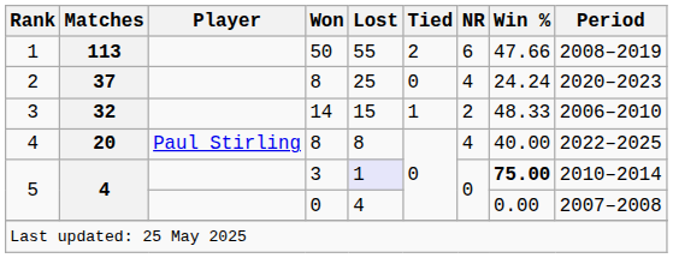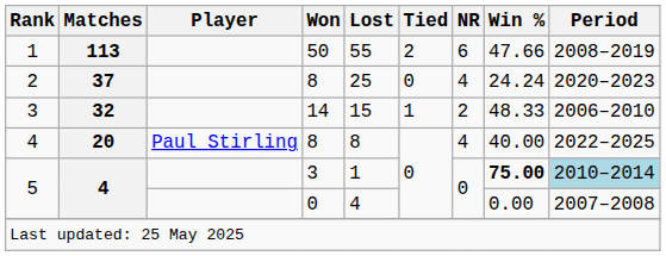 <table class="wikitable plainrowheaders sortable">
 <tr>
 <th scope=col>Rank</th>
 <th scope=col>Matches</th>
 <th scope=col>Player</th>
 <th>Won</th>
 <th>Lost</th>
 <th>Tied</th>
 <th>NR</th>
 <th>Win %</th>
 <th>Period</th>
 </tr>
 <tr>
 <td align=center>1</td>
 <th scope=row style=text-align:center;>113</th>
 <td></td>
 <td>50</td>
 <td>55</td>
 <td>2</td>
 <td>6</td>
 <td>47.66</td>
 <td>2008–2019</td>
 </tr>
 <tr>
 <td align=center>2</td>
 <th scope=row style=text-align:center;>37</th>
 <td></td>
 <td>8</td>
 <td>25</td>
 <td>0</td>
 <td>4</td>
 <td>24.24</td>
 <td>2020–2023</td>
 </tr>
 <tr>
 <td align=center>3</td>
 <th scope=row style=text-align:center;>32</th>
 <td></td>
 <td>14</td>
 <td>15</td>
 <td>1</td>
 <td>2</td>
 <td>48.33</td>
 <td>2006–2010</td>
 </tr>
 <tr>
 <td align=center>4</td>
 <th scope=row style=text-align:center;>20</th>
 <td><a href='#'>Paul Stirling</a></td>
 <td>8</td>
 <td>8</td>
 <td rowspan=3>0</td>
 <td>4</td>
 <td>40.00</td>
 <td>2022–2025</td>
 </tr>
 <tr>
 <td align=center rowspan=2>5</td>
 <th scope="row" style="text-align:center;" rowspan=2>4</th>
 <td></td>
 <td>3</td>
-<td style="background: lavender;">1</td>
+<td>1</td>
 <td rowspan=2>0</td>
 <td><strong>75.00</strong></td>
-<td>2010–2014</td>
+<td style="background: lightblue;">2010–2014</td>
 </tr>
 <tr>
 <td></td>
 <td>0</td>
 <td>4</td>
 <td>0.00</td>
 <td>2007–2008</td>
 </tr>
 <tr>
 </tr>
 <tr class=sortbottom>
 <td colspan=9><small>Last updated: 25 May 2025</small></td>
 </tr>
 </table>
